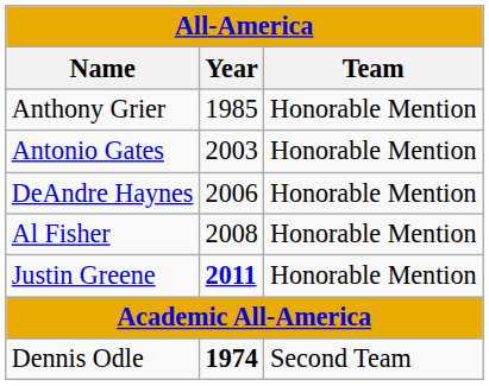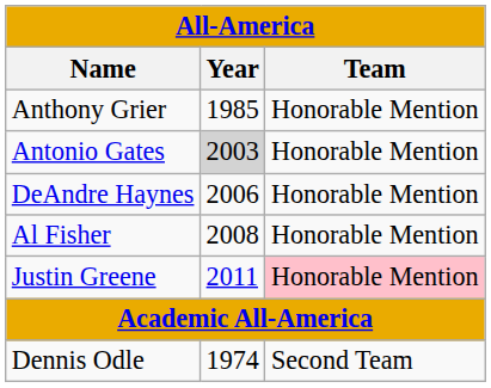 <table class="wikitable">
 <tr>
 <th colspan=3 style="background:#eaab00;"><a href='#'>All-America</a></th>
 </tr>
 <tr>
 <th>Name</th>
 <th>Year</th>
 <th>Team</th>
 </tr>
 <tr>
 <td>Anthony Grier</td>
 <td>1985</td>
 <td>Honorable Mention</td>
 </tr>
 <tr>
 <td><a href='#'>Antonio Gates</a></td>
-<td>2003</td>
+<td style="background: lightgrey;">2003</td>
 <td>Honorable Mention</td>
 </tr>
 <tr>
 <td><a href='#'>DeAndre Haynes</a></td>
 <td>2006</td>
 <td>Honorable Mention</td>
 </tr>
 <tr>
 <td><a href='#'>Al Fisher</a></td>
 <td>2008</td>
 <td>Honorable Mention</td>
 </tr>
 <tr>
 <td><a href='#'>Justin Greene</a></td>
-<td><strong><a href='#'>2011</a></strong></td>
-<td>Honorable Mention</td>
+<td><a href='#'>2011</a></td>
+<td style="background: pink;">Honorable Mention</td>
 </tr>
 <tr>
 <th colspan=3 style="background:#eaab00;"><a href='#'>Academic All-America</a></th>
 </tr>
 <tr>
 <td>Dennis Odle</td>
-<td><strong>1974</strong></td>
+<td>1974</td>
 <td>Second Team</td>
 </tr>
 </table>
